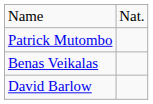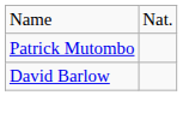 <table class="wikitable">
 <tr>
 <td>Name</td>
 <td>Nat.</td>
 </tr>
 <tr>
 <td><a href='#'>Patrick Mutombo</a></td>
 <td></td>
 </tr>
 <tr>
-<td><a href='#'>Benas Veikalas</a></td>
-<td></td>
-</tr>
-<tr>
 <td><a href='#'>David Barlow</a></td>
 <td></td>
 </tr>
 </table>
